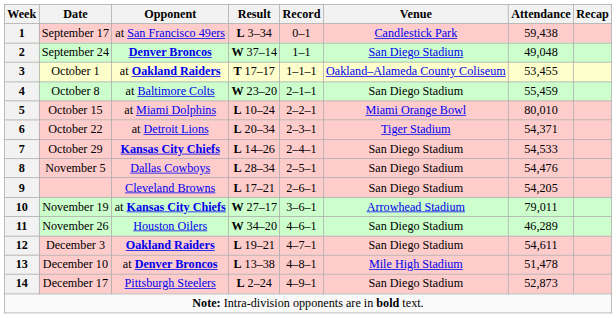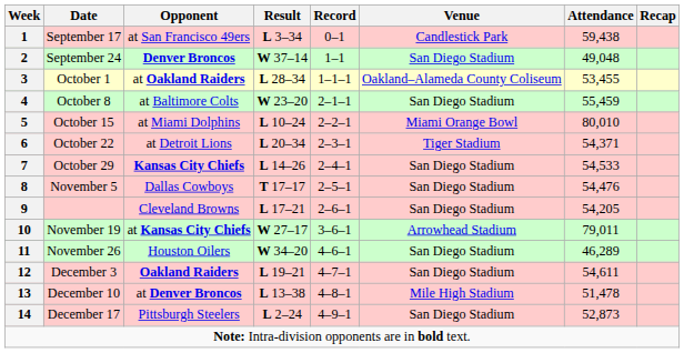 <table class="wikitable" style="text-align:center">
 <tr>
 <th>Week</th>
 <th>Date</th>
 <th>Opponent</th>
 <th>Result</th>
 <th>Record</th>
 <th>Venue</th>
 <th>Attendance</th>
 <th>Recap</th>
 </tr>
 <tr style="background:#fcc">
 <th>1</th>
 <td>September 17</td>
 <td>at <a href='#'>San Francisco 49ers</a></td>
 <td><strong>L</strong> 3–34</td>
 <td>0–1</td>
 <td><a href='#'>Candlestick Park</a></td>
 <td>59,438</td>
 <td></td>
 </tr>
 <tr style="background:#cfc">
 <th>2</th>
 <td>September 24</td>
 <td><strong><a href='#'>Denver Broncos</a></strong></td>
 <td><strong>W</strong> 37–14</td>
 <td>1–1</td>
 <td><a href='#'>San Diego Stadium</a></td>
 <td>49,048</td>
 <td></td>
 </tr>
 <tr style="background:#ffc">
 <th>3</th>
 <td>October 1</td>
 <td>at <strong><a href='#'>Oakland Raiders</a></strong></td>
-<td><strong>T</strong> 17–17</td>
+<td><strong>L</strong> 28–34</td>
 <td>1–1–1</td>
 <td><a href='#'>Oakland–Alameda County Coliseum</a></td>
 <td>53,455</td>
 <td></td>
 </tr>
 <tr style="background:#cfc">
 <th>4</th>
 <td>October 8</td>
 <td>at <a href='#'>Baltimore Colts</a></td>
 <td><strong>W</strong> 23–20</td>
 <td>2–1–1</td>
 <td>San Diego Stadium</td>
 <td>55,459</td>
 <td></td>
 </tr>
 <tr style="background:#fcc">
 <th>5</th>
 <td>October 15</td>
 <td>at <a href='#'>Miami Dolphins</a></td>
 <td><strong>L</strong> 10–24</td>
 <td>2–2–1</td>
 <td><a href='#'>Miami Orange Bowl</a></td>
 <td>80,010</td>
 <td></td>
 </tr>
 <tr style="background:#fcc">
 <th>6</th>
 <td>October 22</td>
 <td>at <a href='#'>Detroit Lions</a></td>
 <td><strong>L</strong> 20–34</td>
 <td>2–3–1</td>
 <td><a href='#'>Tiger Stadium</a></td>
 <td>54,371</td>
 <td></td>
 </tr>
 <tr style="background:#fcc">
 <th>7</th>
 <td>October 29</td>
 <td><strong><a href='#'>Kansas City Chiefs</a></strong></td>
 <td><strong>L</strong> 14–26</td>
 <td>2–4–1</td>
 <td>San Diego Stadium</td>
 <td>54,533</td>
 <td></td>
 </tr>
 <tr style="background:#fcc">
 <th>8</th>
 <td>November 5</td>
 <td><a href='#'>Dallas Cowboys</a></td>
-<td><strong>L</strong> 28–34</td>
+<td><strong>T</strong> 17–17</td>
 <td>2–5–1</td>
 <td>San Diego Stadium</td>
 <td>54,476</td>
 <td></td>
 </tr>
 <tr style="background:#fcc">
 <th>9</th>
 <td></td>
 <td><a href='#'>Cleveland Browns</a></td>
 <td><strong>L</strong> 17–21</td>
 <td>2–6–1</td>
 <td>San Diego Stadium</td>
 <td>54,205</td>
 <td></td>
 </tr>
 <tr style="background:#cfc">
 <th>10</th>
 <td>November 19</td>
 <td>at <strong><a href='#'>Kansas City Chiefs</a></strong></td>
 <td><strong>W</strong> 27–17</td>
 <td>3–6–1</td>
 <td><a href='#'>Arrowhead Stadium</a></td>
 <td>79,011</td>
 <td></td>
 </tr>
 <tr style="background:#cfc">
 <th>11</th>
 <td>November 26</td>
 <td><a href='#'>Houston Oilers</a></td>
 <td><strong>W</strong> 34–20</td>
 <td>4–6–1</td>
 <td>San Diego Stadium</td>
 <td>46,289</td>
 <td></td>
 </tr>
 <tr style="background:#fcc">
 <th>12</th>
 <td>December 3</td>
 <td><strong><a href='#'>Oakland Raiders</a></strong></td>
 <td><strong>L</strong> 19–21</td>
 <td>4–7–1</td>
 <td>San Diego Stadium</td>
 <td>54,611</td>
 <td></td>
 </tr>
 <tr style="background:#fcc">
 <th>13</th>
 <td>December 10</td>
 <td>at <strong><a href='#'>Denver Broncos</a></strong></td>
 <td><strong>L</strong> 13–38</td>
 <td>4–8–1</td>
 <td><a href='#'>Mile High Stadium</a></td>
 <td>51,478</td>
 <td></td>
 </tr>
 <tr style="background:#fcc">
 <th>14</th>
 <td>December 17</td>
 <td><a href='#'>Pittsburgh Steelers</a></td>
 <td><strong>L</strong> 2–24</td>
 <td>4–9–1</td>
 <td>San Diego Stadium</td>
 <td>52,873</td>
 <td></td>
 </tr>
 <tr>
 <td colspan="8"><strong>Note:</strong> Intra-division opponents are in <strong>bold</strong> text.</td>
 </tr>
 </table>
